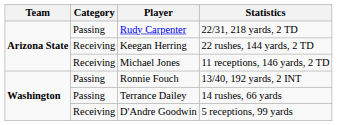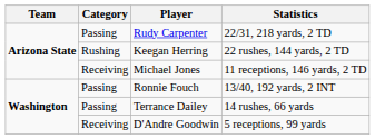 <table class="wikitable" style="float: right;">
 <tr>
 <th>Team</th>
 <th>Category</th>
 <th>Player</th>
 <th>Statistics</th>
 </tr>
 <tr>
 <td rowspan=3><strong>Arizona State</strong></td>
 <td>Passing</td>
 <td><a href='#'>Rudy Carpenter</a></td>
 <td>22/31, 218 yards, 2 TD</td>
 </tr>
 <tr>
-<td>Receiving</td>
+<td>Rushing</td>
 <td>Keegan Herring</td>
 <td>22 rushes, 144 yards, 2 TD</td>
 </tr>
 <tr>
 <td>Receiving</td>
 <td>Michael Jones</td>
 <td>11 receptions, 146 yards, 2 TD</td>
 </tr>
 <tr>
 <td rowspan=3><strong>Washington</strong></td>
 <td>Passing</td>
 <td>Ronnie Fouch</td>
 <td>13/40, 192 yards, 2 INT</td>
 </tr>
 <tr>
 <td>Passing</td>
 <td>Terrance Dailey</td>
 <td>14 rushes, 66 yards</td>
 </tr>
 <tr>
 <td>Receiving</td>
 <td>D'Andre Goodwin</td>
 <td>5 receptions, 99 yards</td>
 </tr>
 </table>
